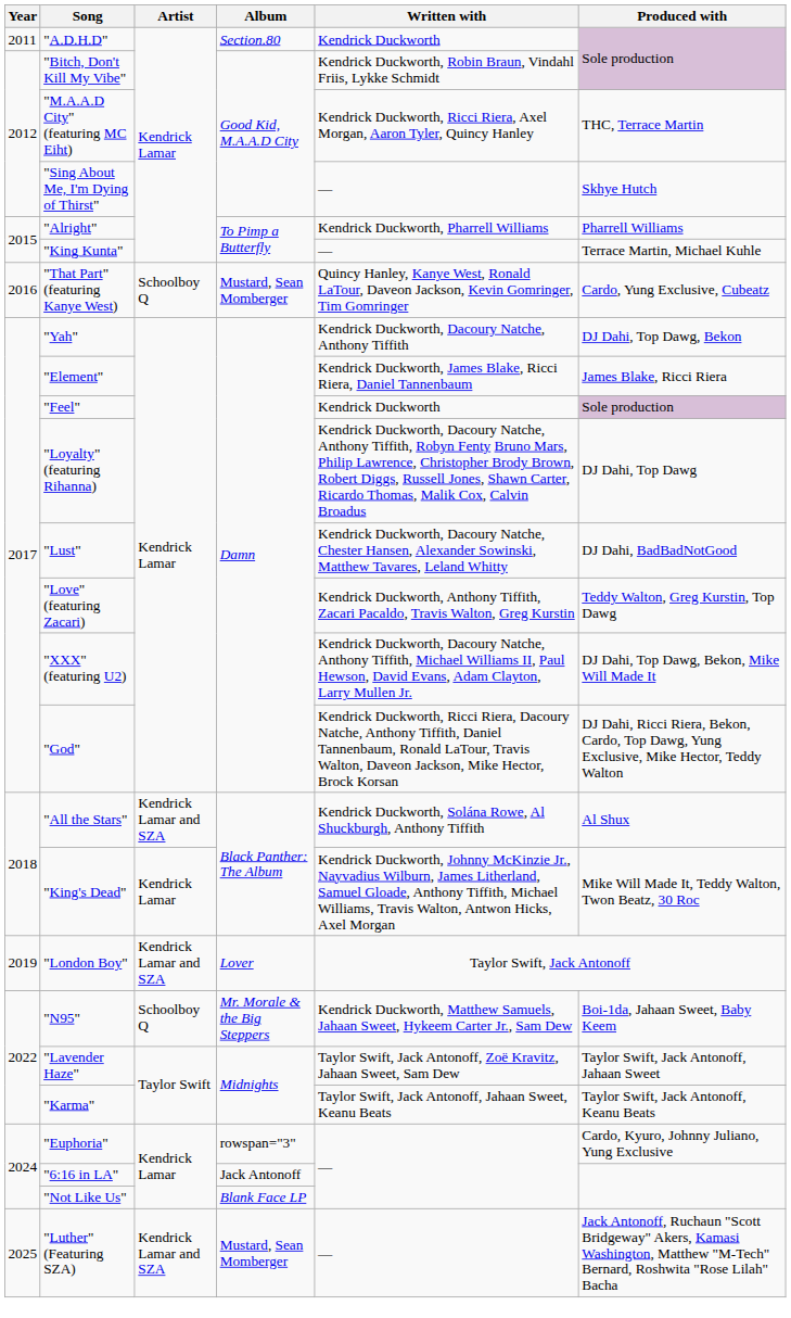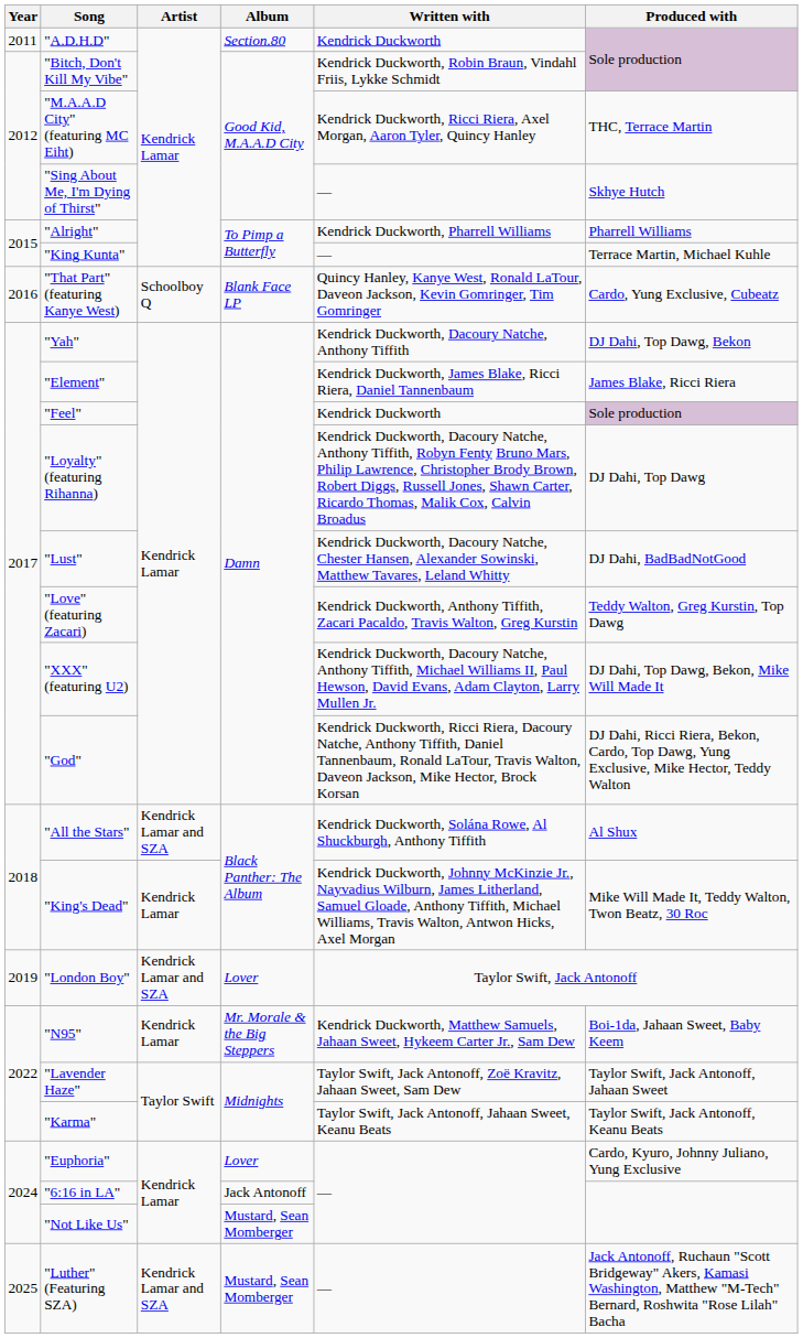 <table class="wikitable sortable">
 <tr style="background:#ccc; text-align:center;">
 <th><strong>Year</strong></th>
 <th><strong>Song</strong></th>
 <th><strong>Artist</strong></th>
 <th><strong>Album</strong></th>
 <th><strong>Written with</strong></th>
 <th>Produced with</th>
 </tr>
 <tr>
 <td>2011</td>
 <td>"<a href='#'>A.D.H.D</a>"</td>
 <td rowspan="6"><a href='#'>Kendrick Lamar</a></td>
 <td><em><a href='#'>Section.80</a></em></td>
 <td><a href='#'>Kendrick Duckworth</a></td>
 <td rowspan="2" style="background:#D8BFD8;">Sole production </td>
 </tr>
 <tr>
 <td rowspan="3">2012</td>
 <td>"<a href='#'>Bitch, Don't Kill My Vibe</a>"</td>
 <td rowspan="3"><em><a href='#'>Good Kid, M.A.A.D City</a></em></td>
 <td>Kendrick Duckworth, <a href='#'>Robin Braun</a>, Vindahl Friis, Lykke Schmidt</td>
 </tr>
 <tr>
 <td>"<a href='#'>M.A.A.D City</a>" (featuring <a href='#'>MC Eiht</a>)</td>
 <td>Kendrick Duckworth, <a href='#'>Ricci Riera</a>, Axel Morgan, <a href='#'>Aaron Tyler</a>, Quincy Hanley</td>
 <td>THC, <a href='#'>Terrace Martin</a></td>
 </tr>
 <tr>
 <td>"<a href='#'>Sing About Me, I'm Dying of Thirst</a>"</td>
 <td>—</td>
 <td><a href='#'>Skhye Hutch</a></td>
 </tr>
 <tr>
 <td rowspan="2">2015</td>
 <td>"<a href='#'>Alright</a>"</td>
 <td rowspan="2"><em><a href='#'>To Pimp a Butterfly</a></em></td>
 <td>Kendrick Duckworth, <a href='#'>Pharrell Williams</a></td>
 <td><a href='#'>Pharrell Williams</a></td>
 </tr>
 <tr>
 <td>"<a href='#'>King Kunta</a>"</td>
 <td>—</td>
 <td>Terrace Martin, Michael Kuhle</td>
 </tr>
 <tr>
 <td>2016</td>
 <td>"<a href='#'>That Part</a>" (featuring <a href='#'>Kanye West</a>)</td>
 <td>Schoolboy Q</td>
-<td><a href='#'>Mustard</a>, <a href='#'>Sean Momberger</a></td>
+<td><em><a href='#'>Blank Face LP</a></em></td>
 <td>Quincy Hanley, <a href='#'>Kanye West</a>, <a href='#'>Ronald LaTour</a>, Daveon Jackson, <a href='#'>Kevin Gomringer</a>, <a href='#'>Tim Gomringer</a></td>
 <td><a href='#'>Cardo</a>, Yung Exclusive, <a href='#'>Cubeatz</a></td>
 </tr>
 <tr>
 <td rowspan="8">2017</td>
 <td>"<a href='#'>Yah</a>"</td>
 <td rowspan="8">Kendrick Lamar</td>
 <td rowspan="8"><em><a href='#'>Damn</a></em></td>
 <td>Kendrick Duckworth, <a href='#'>Dacoury Natche</a>, Anthony Tiffith</td>
 <td><a href='#'>DJ Dahi</a>, Top Dawg, <a href='#'>Bekon</a></td>
 </tr>
 <tr>
 <td>"<a href='#'>Element</a>"</td>
 <td>Kendrick Duckworth, <a href='#'>James Blake</a>, Ricci Riera, <a href='#'>Daniel Tannenbaum</a></td>
 <td><a href='#'>James Blake</a>, Ricci Riera</td>
 </tr>
 <tr>
 <td>"<a href='#'>Feel</a>"</td>
 <td>Kendrick Duckworth</td>
 <td style="background:#D8BFD8;">Sole production </td>
 </tr>
 <tr>
 <td>"<a href='#'>Loyalty</a>" (featuring <a href='#'>Rihanna</a>)</td>
 <td>Kendrick Duckworth, Dacoury Natche, Anthony Tiffith, <a href='#'>Robyn Fenty</a> <a href='#'>Bruno Mars</a>, <a href='#'>Philip Lawrence</a>, <a href='#'>Christopher Brody Brown</a>, <a href='#'>Robert Diggs</a>, <a href='#'>Russell Jones</a>, <a href='#'>Shawn Carter</a>, <a href='#'>Ricardo Thomas</a>, <a href='#'>Malik Cox</a>, <a href='#'>Calvin Broadus</a></td>
 <td>DJ Dahi, Top Dawg</td>
 </tr>
 <tr>
 <td>"<a href='#'>Lust</a>"</td>
 <td>Kendrick Duckworth, Dacoury Natche, <a href='#'>Chester Hansen</a>, <a href='#'>Alexander Sowinski</a>, <a href='#'>Matthew Tavares</a>, <a href='#'>Leland Whitty</a></td>
 <td>DJ Dahi, <a href='#'>BadBadNotGood</a></td>
 </tr>
 <tr>
 <td>"<a href='#'>Love</a>" (featuring <a href='#'>Zacari</a>)</td>
 <td>Kendrick Duckworth, Anthony Tiffith, <a href='#'>Zacari Pacaldo</a>, <a href='#'>Travis Walton</a>, <a href='#'>Greg Kurstin</a></td>
 <td><a href='#'>Teddy Walton</a>, <a href='#'>Greg Kurstin</a>, Top Dawg</td>
 </tr>
 <tr>
 <td>"<a href='#'>XXX</a>" (featuring <a href='#'>U2</a>)</td>
 <td>Kendrick Duckworth, Dacoury Natche, Anthony Tiffith, <a href='#'>Michael Williams II</a>, <a href='#'>Paul Hewson</a>, <a href='#'>David Evans</a>, <a href='#'>Adam Clayton</a>, <a href='#'>Larry Mullen Jr.</a></td>
 <td>DJ Dahi, Top Dawg, Bekon, <a href='#'>Mike Will Made It</a></td>
 </tr>
 <tr>
 <td>"<a href='#'>God</a>"</td>
 <td>Kendrick Duckworth, Ricci Riera, Dacoury Natche, Anthony Tiffith, Daniel Tannenbaum, Ronald LaTour, Travis Walton, Daveon Jackson, Mike Hector, Brock Korsan</td>
 <td>DJ Dahi, Ricci Riera, Bekon, Cardo, Top Dawg, Yung Exclusive, Mike Hector, Teddy Walton</td>
 </tr>
 <tr>
 <td rowspan="2">2018</td>
 <td>"<a href='#'>All the Stars</a>"</td>
 <td>Kendrick Lamar and <a href='#'>SZA</a></td>
 <td rowspan="2"><em><a href='#'>Black Panther: The Album</a></em></td>
 <td>Kendrick Duckworth, <a href='#'>Solána Rowe</a>, <a href='#'>Al Shuckburgh</a>, Anthony Tiffith</td>
 <td><a href='#'>Al Shux</a></td>
 </tr>
 <tr>
 <td>"<a href='#'>King's Dead</a>"</td>
 <td>Kendrick Lamar</td>
 <td>Kendrick Duckworth, <a href='#'>Johnny McKinzie Jr.</a>, <a href='#'>Nayvadius Wilburn</a>, <a href='#'>James Litherland</a>, <a href='#'>Samuel Gloade</a>, Anthony Tiffith, Michael Williams, Travis Walton, Antwon Hicks, Axel Morgan</td>
 <td>Mike Will Made It, Teddy Walton, Twon Beatz, <a href='#'>30 Roc</a></td>
 </tr>
 <tr>
 <td>2019</td>
 <td>"<a href='#'>London Boy</a>"</td>
 <td>Kendrick Lamar and <a href='#'>SZA</a></td>
 <td><em><a href='#'>Lover</a></em></td>
 <td colspan="2" align="center">Taylor Swift, <a href='#'>Jack Antonoff</a></td>
 </tr>
 <tr>
 <td rowspan="3">2022</td>
 <td>"<a href='#'>N95</a>"</td>
-<td>Schoolboy Q</td>
+<td>Kendrick Lamar</td>
 <td><em><a href='#'>Mr. Morale & the Big Steppers</a></em></td>
 <td>Kendrick Duckworth, <a href='#'>Matthew Samuels</a>, <a href='#'>Jahaan Sweet</a>, <a href='#'>Hykeem Carter Jr.</a>, <a href='#'>Sam Dew</a></td>
 <td><a href='#'>Boi-1da</a>, Jahaan Sweet, <a href='#'>Baby Keem</a></td>
 </tr>
 <tr>
 <td>"<a href='#'>Lavender Haze</a>"</td>
 <td rowspan="2">Taylor Swift</td>
 <td rowspan="2"><em><a href='#'>Midnights</a></em></td>
 <td>Taylor Swift, Jack Antonoff, <a href='#'>Zoë Kravitz</a>, Jahaan Sweet, Sam Dew</td>
 <td>Taylor Swift, Jack Antonoff, Jahaan Sweet</td>
 </tr>
 <tr>
 <td>"<a href='#'>Karma</a>"</td>
 <td>Taylor Swift, Jack Antonoff, Jahaan Sweet, Keanu Beats</td>
 <td>Taylor Swift, Jack Antonoff, Keanu Beats</td>
 </tr>
 <tr>
 <td rowspan="3">2024</td>
 <td>"<a href='#'>Euphoria</a>"</td>
 <td rowspan="3">Kendrick Lamar</td>
-<td>rowspan="3" </td>
+<td><em><a href='#'>Lover</a></em></td>
 <td rowspan="3">—</td>
 <td>Cardo, Kyuro, Johnny Juliano, Yung Exclusive</td>
 </tr>
 <tr>
 <td>"<a href='#'>6:16 in LA</a>"</td>
 <td>Jack Antonoff</td>
 </tr>
 <tr>
 <td>"<a href='#'>Not Like Us</a>"</td>
-<td><em><a href='#'>Blank Face LP</a></em></td>
+<td><a href='#'>Mustard</a>, <a href='#'>Sean Momberger</a></td>
 </tr>
 <tr>
 <td>2025</td>
 <td>"<a href='#'>Luther</a>" (Featuring SZA)</td>
 <td>Kendrick Lamar and <a href='#'>SZA</a></td>
 <td><a href='#'>Mustard</a>, <a href='#'>Sean Momberger</a></td>
 <td>—</td>
 <td><a href='#'>Jack Antonoff</a>, Ruchaun "Scott Bridgeway" Akers, <a href='#'>Kamasi Washington</a>, Matthew "M-Tech" Bernard, Roshwita "Rose Lilah" Bacha</td>
 </tr>
 </table>
